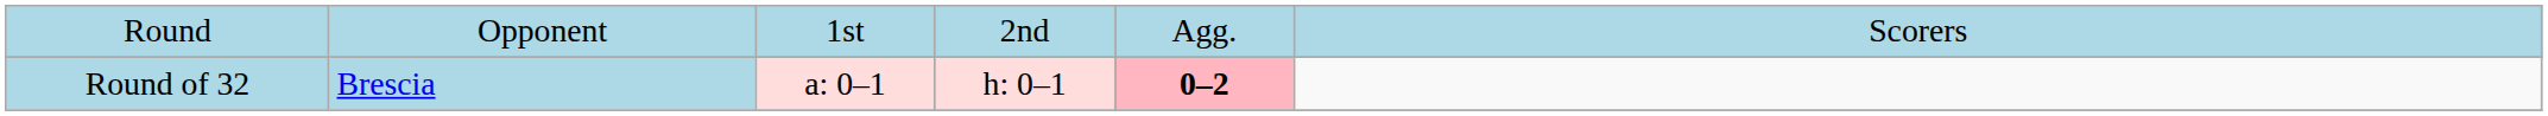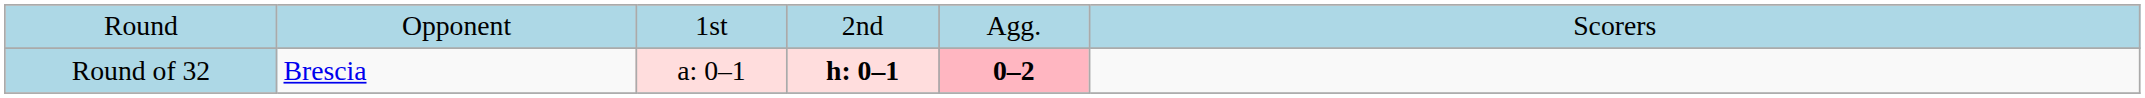 <table class="wikitable" style="text-align:center">
 <tr bgcolor=lightblue>
 <td width=150px>Round</td>
 <td width=200px>Opponent</td>
 <td width=80px>1st</td>
 <td width=80px>2nd</td>
 <td width=80px>Agg.</td>
 <td width=600px>Scorers</td>
 </tr>
 <tr>
 <td bgcolor=lightblue>Round of 32</td>
-<td align=left style="background: lightblue;"> <a href='#'>Brescia</a></td>
+<td align=left> <a href='#'>Brescia</a></td>
 <td bgcolor="#ffdddd">a: 0–1</td>
-<td bgcolor="#ffdddd">h: 0–1</td>
+<td bgcolor="#ffdddd"><strong>h: 0–1</strong></td>
 <td bgcolor=lightpink><strong>0–2</strong></td>
 </tr>
 </table>
